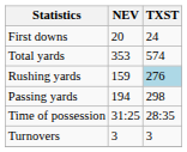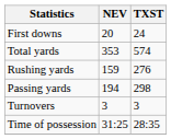 <table class="wikitable" style="float: left;">
 <tr>
 <th>Statistics</th>
 <th>NEV</th>
 <th>TXST</th>
 </tr>
 <tr>
 <td>First downs</td>
 <td>20</td>
 <td>24</td>
 </tr>
 <tr>
 <td>Total yards</td>
 <td>353</td>
 <td>574</td>
 </tr>
 <tr>
 <td>Rushing yards</td>
 <td>159</td>
-<td style="background: lightblue;">276</td>
+<td>276</td>
 </tr>
 <tr>
 <td>Passing yards</td>
 <td>194</td>
 <td>298</td>
 </tr>
 <tr>
+<td>Turnovers</td>
+<td>3</td>
+<td>3</td>
+</tr>
+<tr>
 <td>Time of possession</td>
 <td>31:25</td>
 <td>28:35</td>
 </tr>
 <tr>
-<td>Turnovers</td>
-<td>3</td>
-<td>3</td>
-</tr>
-<tr>
 </tr>
 </table>
